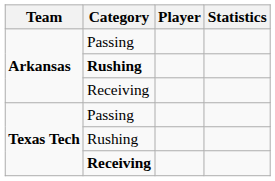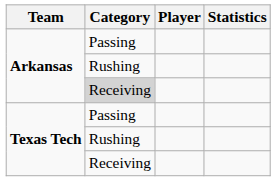 <table class="wikitable" style="float: right;">
 <tr>
 <th>Team</th>
 <th>Category</th>
 <th>Player</th>
 <th>Statistics</th>
 </tr>
 <tr>
 <td rowspan=3><strong>Arkansas</strong></td>
 <td>Passing</td>
 <td></td>
 <td></td>
 </tr>
 <tr>
-<td><strong>Rushing</strong></td>
+<td>Rushing</td>
 <td></td>
 <td></td>
 </tr>
 <tr>
-<td>Receiving</td>
+<td style="background: lightgrey;">Receiving</td>
 <td></td>
 <td></td>
 </tr>
 <tr>
 <td rowspan=3><strong>Texas Tech</strong></td>
 <td>Passing</td>
 <td></td>
 <td></td>
 </tr>
 <tr>
 <td>Rushing</td>
 <td></td>
 <td></td>
 </tr>
 <tr>
-<td><strong>Receiving</strong></td>
+<td>Receiving</td>
 <td></td>
 <td></td>
 </tr>
 </table>
